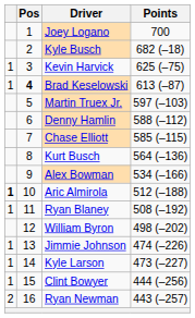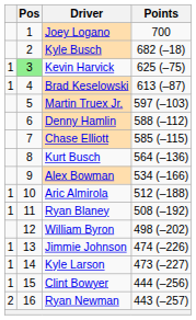 <table class="wikitable" style="font-size: 95%">
 <tr>
 <th></th>
 <th>Pos</th>
 <th>Driver</th>
 <th>Points</th>
 </tr>
 <tr>
 <td align="left"></td>
 <td style="text-align:center;">1</td>
 <td style="background:#FFDEAD;"><a href='#'>Joey Logano</a></td>
 <td style="text-align:center;">700</td>
 </tr>
 <tr>
 <td align="left"></td>
 <td style="text-align:center;">2</td>
 <td style="background:#FFDEAD;"><a href='#'>Kyle Busch</a></td>
 <td style="text-align:center;">682 (–18)</td>
 </tr>
 <tr>
 <td align="left"> 1</td>
-<td style="text-align:center;">3</td>
+<td style="background: lightgreen; text-align:center;">3</td>
 <td><a href='#'>Kevin Harvick</a></td>
 <td style="text-align:center;">625 (–75)</td>
 </tr>
 <tr>
 <td align="left"> 1</td>
-<td style="text-align:center;"><strong>4</strong></td>
+<td style="text-align:center;">4</td>
 <td style="background:#FFDEAD;"><a href='#'>Brad Keselowski</a></td>
 <td style="text-align:center;">613 (–87)</td>
 </tr>
 <tr>
 <td align="left"></td>
 <td style="text-align:center;">5</td>
 <td style="background:#FFDEAD;"><a href='#'>Martin Truex Jr.</a></td>
 <td style="text-align:center;">597 (–103)</td>
 </tr>
 <tr>
 <td align="left"></td>
 <td style="text-align:center;">6</td>
 <td style="background:#FFDEAD;"><a href='#'>Denny Hamlin</a></td>
 <td style="text-align:center;">588 (–112)</td>
 </tr>
 <tr>
 <td align="left"></td>
 <td style="text-align:center;">7</td>
 <td style="background:#FFDEAD;"><a href='#'>Chase Elliott</a></td>
 <td style="text-align:center;">585 (–115)</td>
 </tr>
 <tr>
 <td align="left"></td>
 <td style="text-align:center;">8</td>
 <td><a href='#'>Kurt Busch</a></td>
 <td style="text-align:center;">564 (–136)</td>
 </tr>
 <tr>
 <td align="left"></td>
 <td style="text-align:center;">9</td>
 <td style="background:#FFDEAD;"><a href='#'>Alex Bowman</a></td>
 <td style="text-align:center;">534 (–166)</td>
 </tr>
 <tr>
-<td align="left"><strong> 1</strong></td>
+<td align="left"> 1</td>
 <td style="text-align:center;">10</td>
 <td><a href='#'>Aric Almirola</a></td>
 <td style="text-align:center;">512 (–188)</td>
 </tr>
 <tr>
 <td align="left"> 1</td>
 <td style="text-align:center;">11</td>
 <td><a href='#'>Ryan Blaney</a></td>
 <td style="text-align:center;">508 (–192)</td>
 </tr>
 <tr>
 <td align="left"></td>
 <td style="text-align:center;">12</td>
 <td><a href='#'>William Byron</a></td>
 <td style="text-align:center;">498 (–202)</td>
 </tr>
 <tr>
 <td align="left"> 1</td>
 <td style="text-align:center;">13</td>
 <td><a href='#'>Jimmie Johnson</a></td>
 <td style="text-align:center;">474 (–226)</td>
 </tr>
 <tr>
 <td align="left"> 1</td>
 <td style="text-align:center;">14</td>
 <td><a href='#'>Kyle Larson</a></td>
 <td style="text-align:center;">473 (–227)</td>
 </tr>
 <tr>
 <td align="left"> 1</td>
 <td style="text-align:center;">15</td>
 <td><a href='#'>Clint Bowyer</a></td>
 <td style="text-align:center;">444 (–256)</td>
 </tr>
 <tr>
 <td align="left"> 2</td>
 <td style="text-align:center;">16</td>
 <td><a href='#'>Ryan Newman</a></td>
 <td style="text-align:center;">443 (–257)</td>
 </tr>
 <tr class="sortbottom">
 <th colspan="9"></th>
 </tr>
 </table>
